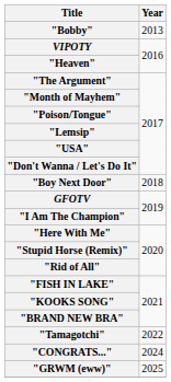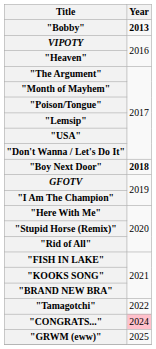 <table class="wikitable plainrowheaders" style="text-align:center;">
 <tr>
 <th>Title</th>
 <th>Year</th>
 </tr>
 <tr>
 <th scope="row">"Bobby"</th>
-<td>2013</td>
+<td><strong>2013</strong></td>
 </tr>
 <tr>
 <th scope="row"><em>VIPOTY</em></th>
 <td rowspan="2">2016</td>
 </tr>
 <tr>
 <th scope="row">"Heaven"</th>
 </tr>
 <tr>
 <th scope="row">"The Argument"</th>
 <td rowspan="6">2017</td>
 </tr>
 <tr>
 <th scope="row">"Month of Mayhem"</th>
 </tr>
 <tr>
 <th scope="row">"Poison/Tongue"</th>
 </tr>
 <tr>
 <th scope="row">"Lemsip"</th>
 </tr>
 <tr>
 <th scope="row">"USA" </th>
 </tr>
 <tr>
 <th scope="row">"Don't Wanna / Let's Do It" </th>
 </tr>
 <tr>
 <th scope="row">"Boy Next Door"</th>
-<td>2018</td>
+<td><strong>2018</strong></td>
 </tr>
 <tr>
 <th scope="row"><em>GFOTV</em></th>
 <td rowspan="2">2019</td>
 </tr>
 <tr>
 <th scope="row">"I Am The Champion"</th>
 </tr>
 <tr>
 <th scope="row">"Here With Me"</th>
 <td rowspan="3">2020</td>
 </tr>
 <tr>
 <th scope="row">"Stupid Horse (Remix)" </th>
 </tr>
 <tr>
 <th scope="row">"Rid of All" </th>
 </tr>
 <tr>
 <th scope="row">"FISH IN LAKE"</th>
 <td rowspan="3">2021</td>
 </tr>
 <tr>
 <th scope="row">"KOOKS SONG"</th>
 </tr>
 <tr>
 <th scope="row">"BRAND NEW BRA"</th>
 </tr>
 <tr>
 <th scope="row">"Tamagotchi" </th>
 <td>2022</td>
 </tr>
 <tr>
 <th scope="row">"CONGRATS..."</th>
-<td>2024</td>
+<td style="background: pink;">2024</td>
 </tr>
 <tr>
 <th scope="row">"GRWM (eww)"</th>
 <td>2025</td>
 </tr>
 <tr>
 </tr>
 </table>
